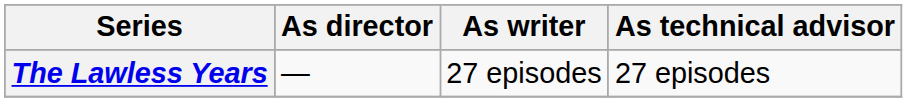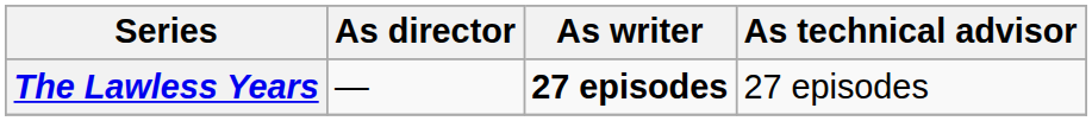 <table class="wikitable sortable plainrowheaders">
 <tr>
 <th scope="col">Series</th>
 <th scope="col">As director</th>
 <th scope="col">As writer</th>
 <th scope="col">As technical advisor</th>
 </tr>
 <tr>
 <th scope="row"><em><a href='#'>The Lawless Years</a></em></th>
 <td>—</td>
-<td>27 episodes</td>
+<td><strong>27 episodes</strong></td>
 <td>27 episodes</td>
 </tr>
 <tr>
 </tr>
 </table>
